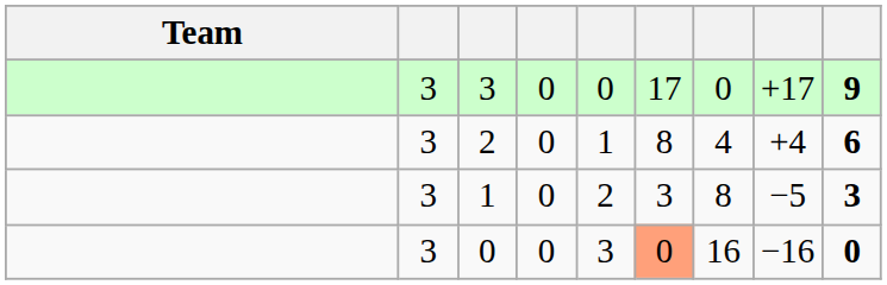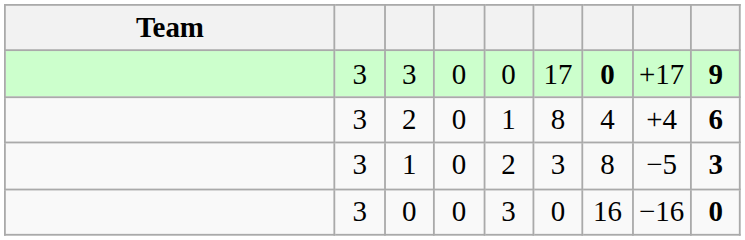 <table class="wikitable" style="text-align: center;">
 <tr>
 <th width="175">Team</th>
 <th width="20"></th>
 <th width="20"></th>
 <th width="20"></th>
 <th width="20"></th>
 <th width="20"></th>
 <th width="20"></th>
 <th width="20"></th>
 <th width="20"></th>
 </tr>
 <tr bgcolor="#ccffcc">
 <td align=left></td>
 <td>3</td>
 <td>3</td>
 <td>0</td>
 <td>0</td>
 <td>17</td>
-<td>0</td>
+<td><strong>0</strong></td>
 <td>+17</td>
 <td><strong>9</strong></td>
 </tr>
 <tr>
 <td align=left><em></em></td>
 <td>3</td>
 <td>2</td>
 <td>0</td>
 <td>1</td>
 <td>8</td>
 <td>4</td>
 <td>+4</td>
 <td><strong>6</strong></td>
 </tr>
 <tr>
 <td align=left></td>
 <td>3</td>
 <td>1</td>
 <td>0</td>
 <td>2</td>
 <td>3</td>
 <td>8</td>
 <td>−5</td>
 <td><strong>3</strong></td>
 </tr>
 <tr>
 <td align=left></td>
 <td>3</td>
 <td>0</td>
 <td>0</td>
 <td>3</td>
-<td style="background: lightsalmon;">0</td>
+<td>0</td>
 <td>16</td>
 <td>−16</td>
 <td><strong>0</strong></td>
 </tr>
 </table>
